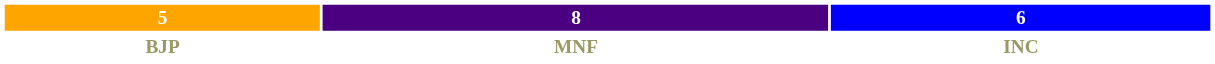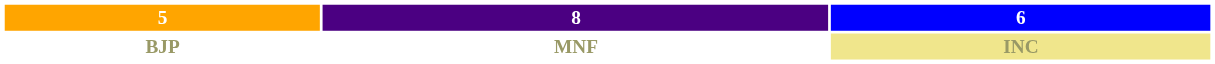 <table style="width:100%; font-size:88%; text-align:center;">
 <tr style="font-weight:bold">
 <td style="background:orange; width:26.31%; color:white">5</td>
 <td style="background:indigo; width:42.12%; color:white">8</td>
 <td style="background:blue; width:31.57%; color:white">6</td>
 </tr>
 <tr style="font-weight:bold; color:#996;">
 <td>BJP</td>
 <td>MNF</td>
-<td>INC</td>
+<td style="background: khaki;">INC</td>
 </tr>
 </table>
